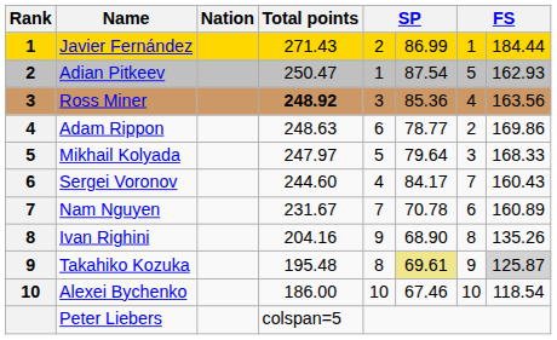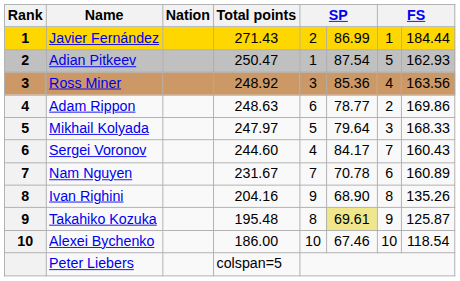 <table class="wikitable sortable">
 <tr>
 <th>Rank</th>
 <th>Name</th>
 <th>Nation</th>
 <th>Total points</th>
 <th colspan="2" width="80px"><a href='#'>SP</a></th>
 <th colspan="2" width="80px"><a href='#'>FS</a></th>
 </tr>
 <tr bgcolor="gold">
 <td align="center"><strong>1</strong></td>
 <td><a href='#'>Javier Fernández</a></td>
 <td></td>
 <td align="center">271.43</td>
 <td align="center">2</td>
 <td align="center">86.99</td>
 <td align="center">1</td>
 <td align="center">184.44</td>
 </tr>
 <tr bgcolor="silver">
 <td align="center"><strong>2</strong></td>
 <td><a href='#'>Adian Pitkeev</a></td>
 <td></td>
 <td align="center">250.47</td>
 <td align="center">1</td>
 <td align="center">87.54</td>
 <td align="center">5</td>
 <td align="center">162.93</td>
 </tr>
 <tr bgcolor="cc9966">
 <td align="center"><strong>3</strong></td>
 <td><a href='#'>Ross Miner</a></td>
 <td></td>
-<td align="center"><strong>248.92</strong></td>
+<td align="center">248.92</td>
 <td align="center">3</td>
 <td align="center">85.36</td>
 <td align="center">4</td>
 <td align="center">163.56</td>
 </tr>
 <tr>
 <th>4</th>
 <td><a href='#'>Adam Rippon</a></td>
 <td></td>
 <td align="center">248.63</td>
 <td align="center">6</td>
 <td align="center">78.77</td>
 <td align="center">2</td>
 <td align="center">169.86</td>
 </tr>
 <tr>
 <th>5</th>
 <td><a href='#'>Mikhail Kolyada</a></td>
 <td></td>
 <td align="center">247.97</td>
 <td align="center">5</td>
 <td align="center">79.64</td>
 <td align="center">3</td>
 <td align="center">168.33</td>
 </tr>
 <tr>
 <th>6</th>
 <td><a href='#'>Sergei Voronov</a></td>
 <td></td>
 <td align="center">244.60</td>
 <td align="center">4</td>
 <td align="center">84.17</td>
 <td align="center">7</td>
 <td align="center">160.43</td>
 </tr>
 <tr>
 <th>7</th>
 <td><a href='#'>Nam Nguyen</a></td>
 <td></td>
 <td align="center">231.67</td>
 <td align="center">7</td>
 <td align="center">70.78</td>
 <td align="center">6</td>
 <td align="center">160.89</td>
 </tr>
 <tr>
 <th>8</th>
 <td><a href='#'>Ivan Righini</a></td>
 <td></td>
 <td align="center">204.16</td>
 <td align="center">9</td>
 <td align="center">68.90</td>
 <td align="center">8</td>
 <td align="center">135.26</td>
 </tr>
 <tr>
 <th>9</th>
 <td><a href='#'>Takahiko Kozuka</a></td>
 <td></td>
 <td align="center">195.48</td>
 <td align="center">8</td>
 <td align="center" style="background: khaki;">69.61</td>
 <td align="center">9</td>
-<td align="center" style="background: lightgrey;">125.87</td>
+<td align="center">125.87</td>
 </tr>
 <tr>
 <th>10</th>
 <td><a href='#'>Alexei Bychenko</a></td>
 <td></td>
 <td align="center">186.00</td>
 <td align="center">10</td>
 <td align="center">67.46</td>
 <td align="center">10</td>
 <td align="center">118.54</td>
 </tr>
 <tr>
 <th></th>
 <td><a href='#'>Peter Liebers</a></td>
 <td></td>
 <td>colspan=5 </td>
 </tr>
 </table>
